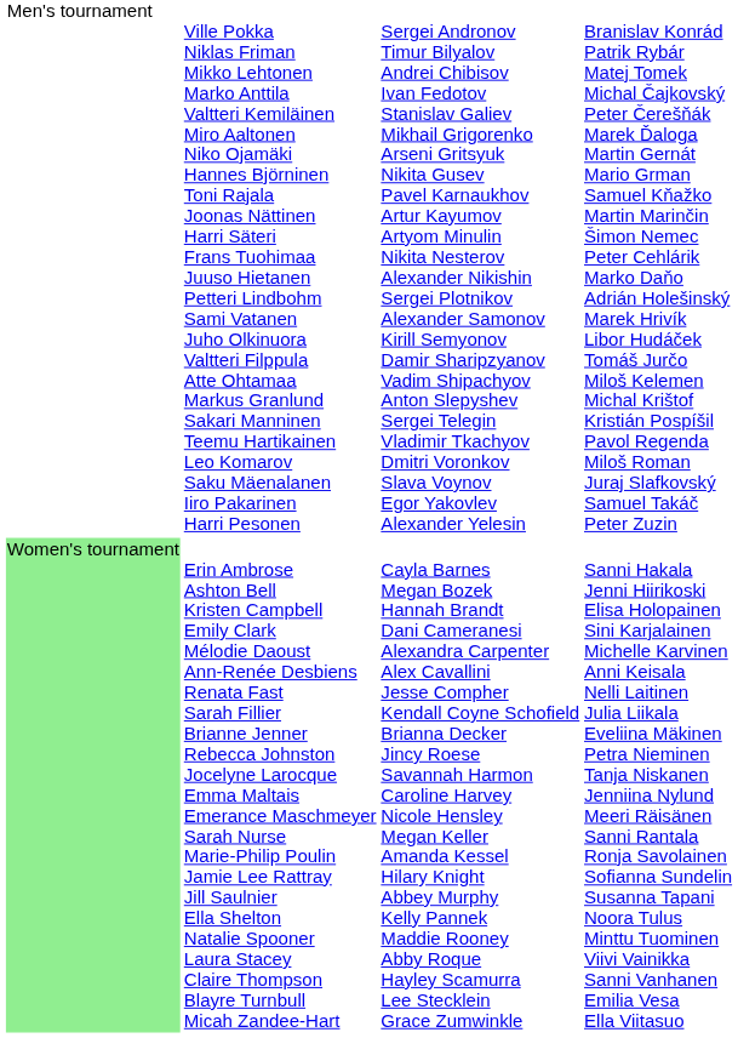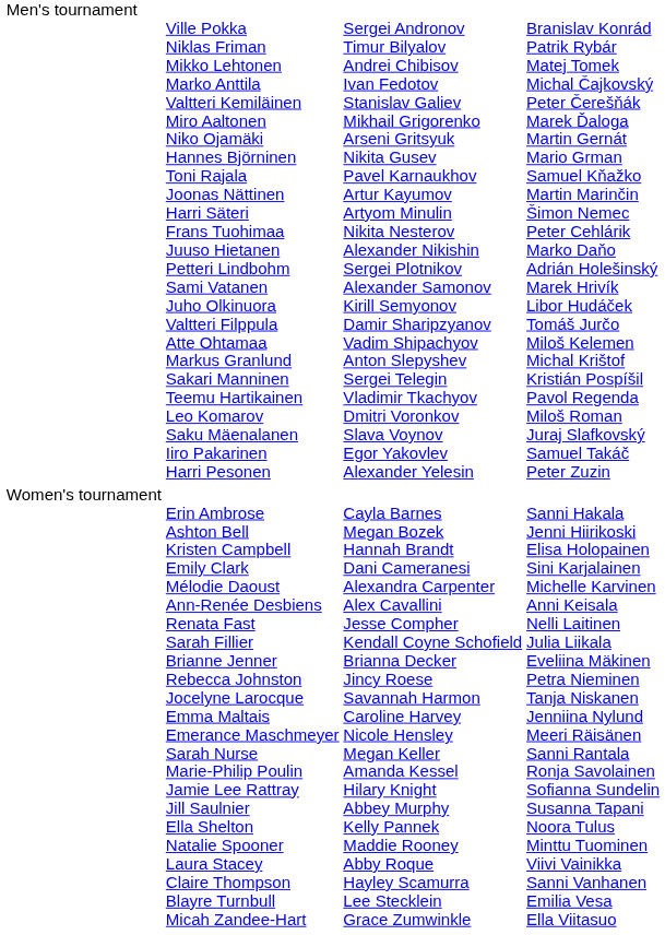 <table>
 <tr valign="top">
 <td>Men's tournament<br></td>
 <td><br><a href='#'>Ville Pokka</a><br><a href='#'>Niklas Friman</a><br><a href='#'>Mikko Lehtonen</a><br><a href='#'>Marko Anttila</a><br><a href='#'>Valtteri Kemiläinen</a><br><a href='#'>Miro Aaltonen</a><br><a href='#'>Niko Ojamäki</a><br><a href='#'>Hannes Björninen</a><br><a href='#'>Toni Rajala</a><br><a href='#'>Joonas Nättinen</a><br><a href='#'>Harri Säteri</a><br><a href='#'>Frans Tuohimaa</a><br><a href='#'>Juuso Hietanen</a><br><a href='#'>Petteri Lindbohm</a><br><a href='#'>Sami Vatanen</a><br><a href='#'>Juho Olkinuora</a><br><a href='#'>Valtteri Filppula</a><br><a href='#'>Atte Ohtamaa</a><br><a href='#'>Markus Granlund</a><br><a href='#'>Sakari Manninen</a><br><a href='#'>Teemu Hartikainen</a><br><a href='#'>Leo Komarov</a><br><a href='#'>Saku Mäenalanen</a><br><a href='#'>Iiro Pakarinen</a><br><a href='#'>Harri Pesonen</a></td>
 <td><br><a href='#'>Sergei Andronov</a><br><a href='#'>Timur Bilyalov</a><br><a href='#'>Andrei Chibisov</a><br><a href='#'>Ivan Fedotov</a><br><a href='#'>Stanislav Galiev</a><br><a href='#'>Mikhail Grigorenko</a><br><a href='#'>Arseni Gritsyuk</a><br><a href='#'>Nikita Gusev</a><br><a href='#'>Pavel Karnaukhov</a><br><a href='#'>Artur Kayumov</a><br><a href='#'>Artyom Minulin</a><br><a href='#'>Nikita Nesterov</a><br><a href='#'>Alexander Nikishin</a><br><a href='#'>Sergei Plotnikov</a><br><a href='#'>Alexander Samonov</a><br><a href='#'>Kirill Semyonov</a><br><a href='#'>Damir Sharipzyanov</a><br><a href='#'>Vadim Shipachyov</a><br><a href='#'>Anton Slepyshev</a><br><a href='#'>Sergei Telegin</a><br><a href='#'>Vladimir Tkachyov</a><br><a href='#'>Dmitri Voronkov</a><br><a href='#'>Slava Voynov</a><br><a href='#'>Egor Yakovlev</a><br><a href='#'>Alexander Yelesin</a></td>
 <td><br><a href='#'>Branislav Konrád</a><br><a href='#'>Patrik Rybár</a><br><a href='#'>Matej Tomek</a><br><a href='#'>Michal Čajkovský</a><br><a href='#'>Peter Čerešňák</a><br><a href='#'>Marek Ďaloga</a><br><a href='#'>Martin Gernát</a><br><a href='#'>Mario Grman</a><br><a href='#'>Samuel Kňažko</a><br><a href='#'>Martin Marinčin</a><br><a href='#'>Šimon Nemec</a><br><a href='#'>Peter Cehlárik</a><br><a href='#'>Marko Daňo</a><br><a href='#'>Adrián Holešinský</a><br><a href='#'>Marek Hrivík</a><br><a href='#'>Libor Hudáček</a><br><a href='#'>Tomáš Jurčo</a><br><a href='#'>Miloš Kelemen</a><br><a href='#'>Michal Krištof</a><br><a href='#'>Kristián Pospíšil</a><br><a href='#'>Pavol Regenda</a><br><a href='#'>Miloš Roman</a><br><a href='#'>Juraj Slafkovský</a><br><a href='#'>Samuel Takáč</a><br><a href='#'>Peter Zuzin</a></td>
 </tr>
 <tr valign="top">
-<td style="background: lightgreen;">Women's tournament<br></td>
+<td>Women's tournament<br></td>
 <td><br><a href='#'>Erin Ambrose</a><br><a href='#'>Ashton Bell</a><br><a href='#'>Kristen Campbell</a><br><a href='#'>Emily Clark</a><br><a href='#'>Mélodie Daoust</a><br><a href='#'>Ann-Renée Desbiens</a><br><a href='#'>Renata Fast</a><br><a href='#'>Sarah Fillier</a><br><a href='#'>Brianne Jenner</a><br><a href='#'>Rebecca Johnston</a><br><a href='#'>Jocelyne Larocque</a><br><a href='#'>Emma Maltais</a><br><a href='#'>Emerance Maschmeyer</a><br><a href='#'>Sarah Nurse</a><br><a href='#'>Marie-Philip Poulin</a><br><a href='#'>Jamie Lee Rattray</a><br><a href='#'>Jill Saulnier</a><br><a href='#'>Ella Shelton</a><br><a href='#'>Natalie Spooner</a><br><a href='#'>Laura Stacey</a><br><a href='#'>Claire Thompson</a><br><a href='#'>Blayre Turnbull</a><br><a href='#'>Micah Zandee-Hart</a></td>
 <td><br><a href='#'>Cayla Barnes</a><br><a href='#'>Megan Bozek</a><br><a href='#'>Hannah Brandt</a><br><a href='#'>Dani Cameranesi</a><br><a href='#'>Alexandra Carpenter</a><br><a href='#'>Alex Cavallini</a><br><a href='#'>Jesse Compher</a><br><a href='#'>Kendall Coyne Schofield</a><br><a href='#'>Brianna Decker</a><br><a href='#'>Jincy Roese</a><br><a href='#'>Savannah Harmon</a><br><a href='#'>Caroline Harvey</a><br><a href='#'>Nicole Hensley</a><br><a href='#'>Megan Keller</a><br><a href='#'>Amanda Kessel</a><br><a href='#'>Hilary Knight</a><br><a href='#'>Abbey Murphy</a><br><a href='#'>Kelly Pannek</a><br><a href='#'>Maddie Rooney</a><br><a href='#'>Abby Roque</a><br><a href='#'>Hayley Scamurra</a><br><a href='#'>Lee Stecklein</a><br><a href='#'>Grace Zumwinkle</a></td>
 <td><br><a href='#'>Sanni Hakala</a><br><a href='#'>Jenni Hiirikoski</a><br><a href='#'>Elisa Holopainen</a><br><a href='#'>Sini Karjalainen</a><br><a href='#'>Michelle Karvinen</a><br><a href='#'>Anni Keisala</a><br><a href='#'>Nelli Laitinen</a><br><a href='#'>Julia Liikala</a><br><a href='#'>Eveliina Mäkinen</a><br><a href='#'>Petra Nieminen</a><br><a href='#'>Tanja Niskanen</a><br><a href='#'>Jenniina Nylund</a><br><a href='#'>Meeri Räisänen</a><br><a href='#'>Sanni Rantala</a><br><a href='#'>Ronja Savolainen</a><br><a href='#'>Sofianna Sundelin</a><br><a href='#'>Susanna Tapani</a><br><a href='#'>Noora Tulus</a><br><a href='#'>Minttu Tuominen</a><br><a href='#'>Viivi Vainikka</a><br><a href='#'>Sanni Vanhanen</a><br><a href='#'>Emilia Vesa</a><br><a href='#'>Ella Viitasuo</a></td>
 </tr>
 </table>
